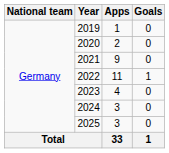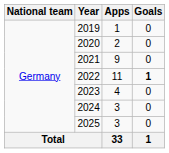 <table class="wikitable" style="text-align:center">
 <tr>
 <th>National team</th>
 <th>Year</th>
 <th>Apps</th>
 <th>Goals</th>
 </tr>
 <tr>
 <td rowspan="7"><a href='#'>Germany</a></td>
 <td>2019</td>
 <td>1</td>
 <td>0</td>
 </tr>
 <tr>
 <td>2020</td>
 <td>2</td>
 <td>0</td>
 </tr>
 <tr>
 <td>2021</td>
 <td>9</td>
 <td>0</td>
 </tr>
 <tr>
 <td>2022</td>
 <td>11</td>
-<td>1</td>
+<td><strong>1</strong></td>
 </tr>
 <tr>
 <td>2023</td>
 <td>4</td>
 <td>0</td>
 </tr>
 <tr>
 <td>2024</td>
 <td>3</td>
 <td>0</td>
 </tr>
 <tr>
 <td>2025</td>
 <td>3</td>
 <td>0</td>
 </tr>
 <tr>
 <th colspan="2">Total</th>
 <th>33</th>
 <th>1</th>
 </tr>
 </table>
